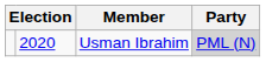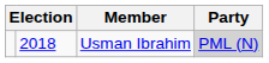 <table class="wikitable">
 <tr>
 <th colspan="2">Election</th>
 <th>Member</th>
 <th>Party</th>
 </tr>
 <tr>
 <td style="background-color: "></td>
-<td><a href='#'>2020</a></td>
+<td><a href='#'>2018</a></td>
 <td><a href='#'>Usman Ibrahim</a></td>
 <td style="background: lightgrey;"><a href='#'>PML (N)</a></td>
 </tr>
 </table>
